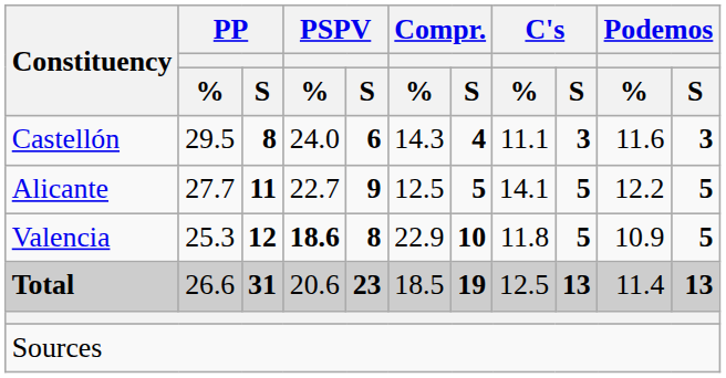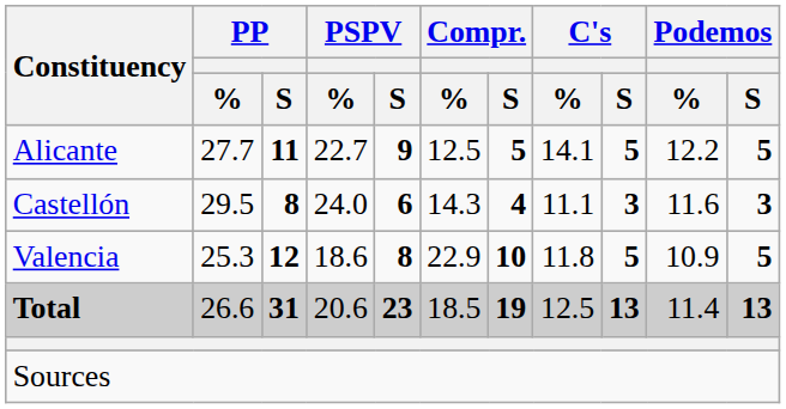 <table class="wikitable sortable" style="text-align:right; line-height:20px;">
 <tr>
 <th rowspan="3">Constituency</th>
 <th colspan="2" width="30px" class="unsortable"><a href='#'>PP</a></th>
 <th colspan="2" width="30px" class="unsortable"><a href='#'>PSPV</a></th>
 <th colspan="2" width="30px" class="unsortable"><a href='#'>Compr.</a></th>
 <th colspan="2" width="30px" class="unsortable"><a href='#'>C's</a></th>
 <th colspan="2" width="30px" class="unsortable"><a href='#'>Podemos</a></th>
 </tr>
 <tr>
 <th colspan="2" style="background:"></th>
 <th colspan="2" style="background:"></th>
 <th colspan="2" style="background:"></th>
 <th colspan="2" style="background:"></th>
 <th colspan="2" style="background:"></th>
 </tr>
 <tr>
 <th data-sort-type="number">%</th>
 <th data-sort-type="number">S</th>
 <th data-sort-type="number">%</th>
 <th data-sort-type="number">S</th>
 <th data-sort-type="number">%</th>
 <th data-sort-type="number">S</th>
 <th data-sort-type="number">%</th>
 <th data-sort-type="number">S</th>
 <th data-sort-type="number">%</th>
 <th data-sort-type="number">S</th>
 </tr>
 <tr>
+<td align="left"><a href='#'>Alicante</a></td>
+<td style="background:">27.7</td>
+<td><strong>11</strong></td>
+<td>22.7</td>
+<td><strong>9</strong></td>
+<td>12.5</td>
+<td><strong>5</strong></td>
+<td>14.1</td>
+<td><strong>5</strong></td>
+<td>12.2</td>
+<td><strong>5</strong></td>
+</tr>
+<tr>
 <td align="left"><a href='#'>Castellón</a></td>
 <td style="background:">29.5</td>
 <td><strong>8</strong></td>
 <td>24.0</td>
 <td><strong>6</strong></td>
 <td>14.3</td>
 <td><strong>4</strong></td>
 <td>11.1</td>
 <td><strong>3</strong></td>
 <td>11.6</td>
 <td><strong>3</strong></td>
 </tr>
 <tr>
-<td align="left"><a href='#'>Alicante</a></td>
-<td style="background:">27.7</td>
-<td><strong>11</strong></td>
-<td>22.7</td>
-<td><strong>9</strong></td>
-<td>12.5</td>
-<td><strong>5</strong></td>
-<td>14.1</td>
-<td><strong>5</strong></td>
-<td>12.2</td>
-<td><strong>5</strong></td>
-</tr>
-<tr>
 <td align="left"><a href='#'>Valencia</a></td>
 <td style="background:">25.3</td>
 <td><strong>12</strong></td>
-<td><strong>18.6</strong></td>
+<td>18.6</td>
 <td><strong>8</strong></td>
 <td>22.9</td>
 <td><strong>10</strong></td>
 <td>11.8</td>
 <td><strong>5</strong></td>
 <td>10.9</td>
 <td><strong>5</strong></td>
 </tr>
 <tr style="background:#CDCDCD;">
 <td align="left"><strong>Total</strong></td>
 <td style="background:">26.6</td>
 <td><strong>31</strong></td>
 <td>20.6</td>
 <td><strong>23</strong></td>
 <td>18.5</td>
 <td><strong>19</strong></td>
 <td>12.5</td>
 <td><strong>13</strong></td>
 <td>11.4</td>
 <td><strong>13</strong></td>
 </tr>
 <tr>
 <th colspan="11"></th>
 </tr>
 <tr>
 <th style="text-align:left; font-weight:normal; background:#F9F9F9" colspan="11">Sources</th>
 </tr>
 </table>
